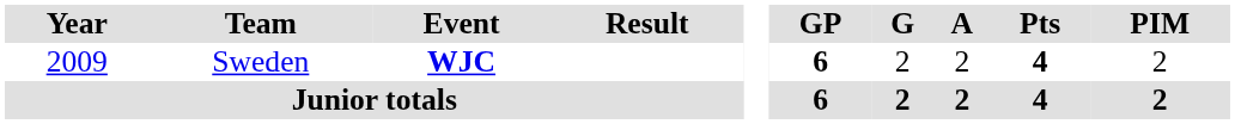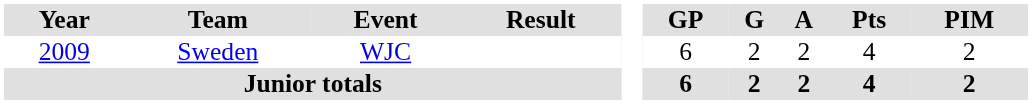 <table border="0" cellpadding="1" cellspacing="0" style="text-align:center; width:40em">
 <tr ALIGN="center" bgcolor="#e0e0e0">
 <th>Year</th>
 <th>Team</th>
 <th>Event</th>
 <th>Result</th>
 <th rowspan="99" bgcolor="#ffffff"> </th>
 <th>GP</th>
 <th>G</th>
 <th>A</th>
 <th>Pts</th>
 <th>PIM</th>
 </tr>
 <tr>
 <td><a href='#'>2009</a></td>
 <td><a href='#'>Sweden</a></td>
-<td><strong><a href='#'>WJC</a></strong></td>
+<td><a href='#'>WJC</a></td>
 <td></td>
-<td><strong>6</strong></td>
+<td>6</td>
 <td>2</td>
 <td>2</td>
-<td><strong>4</strong></td>
+<td>4</td>
 <td>2</td>
 </tr>
 <tr ALIGN="center" bgcolor="#e0e0e0">
 <th colspan=4>Junior totals</th>
 <th>6</th>
 <th>2</th>
 <th>2</th>
 <th>4</th>
 <th>2</th>
 </tr>
 </table>
